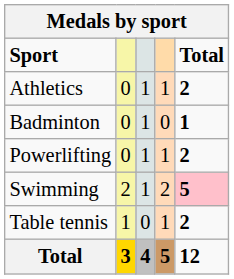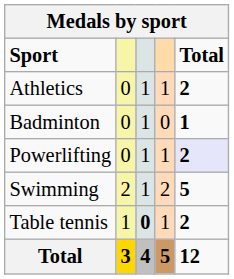 <table class=wikitable style="font-size:95%; ">
 <tr bgcolor=EFEFEF>
 <th colspan=7>Medals by sport</th>
 </tr>
 <tr>
 <td><strong>Sport</strong></td>
 <td bgcolor=F7F6A8></td>
 <td bgcolor=DCE5E5></td>
 <td bgcolor=FFDBA9></td>
 <td><strong>Total</strong></td>
 </tr>
 <tr>
 <td>Athletics</td>
 <td bgcolor=F7F6A8>0</td>
 <td bgcolor=DCE5E5>1</td>
 <td bgcolor=FFDAB9>1</td>
 <td><strong>2</strong></td>
 </tr>
 <tr>
 <td>Badminton</td>
 <td bgcolor=F7F6A8>0</td>
 <td bgcolor=DCE5E5>1</td>
 <td bgcolor=FFDAB9>0</td>
 <td><strong>1</strong></td>
 </tr>
 <tr>
 <td>Powerlifting</td>
 <td bgcolor=F7F6A8>0</td>
 <td bgcolor=DCE5E5>1</td>
 <td bgcolor=FFDAB9>1</td>
-<td><strong>2</strong></td>
+<td style="background: lavender;"><strong>2</strong></td>
 </tr>
 <tr>
 <td>Swimming</td>
 <td bgcolor=F7F6A8>2</td>
 <td bgcolor=DCE5E5>1</td>
 <td bgcolor=FFDAB9>2</td>
-<td style="background: pink;"><strong>5</strong></td>
+<td><strong>5</strong></td>
 </tr>
 <tr>
 <td>Table tennis</td>
 <td bgcolor=F7F6A8>1</td>
-<td bgcolor=DCE5E5>0</td>
+<td bgcolor=DCE5E5><strong>0</strong></td>
 <td bgcolor=FFDAB9>1</td>
 <td><strong>2</strong></td>
 </tr>
 <tr>
 <th>Total</th>
 <td style="background:gold;"><strong>3</strong></td>
 <td style="background:silver;"><strong>4</strong></td>
 <td style="background:#c96;"><strong>5</strong></td>
 <td><strong>12</strong></td>
 </tr>
 </table>
